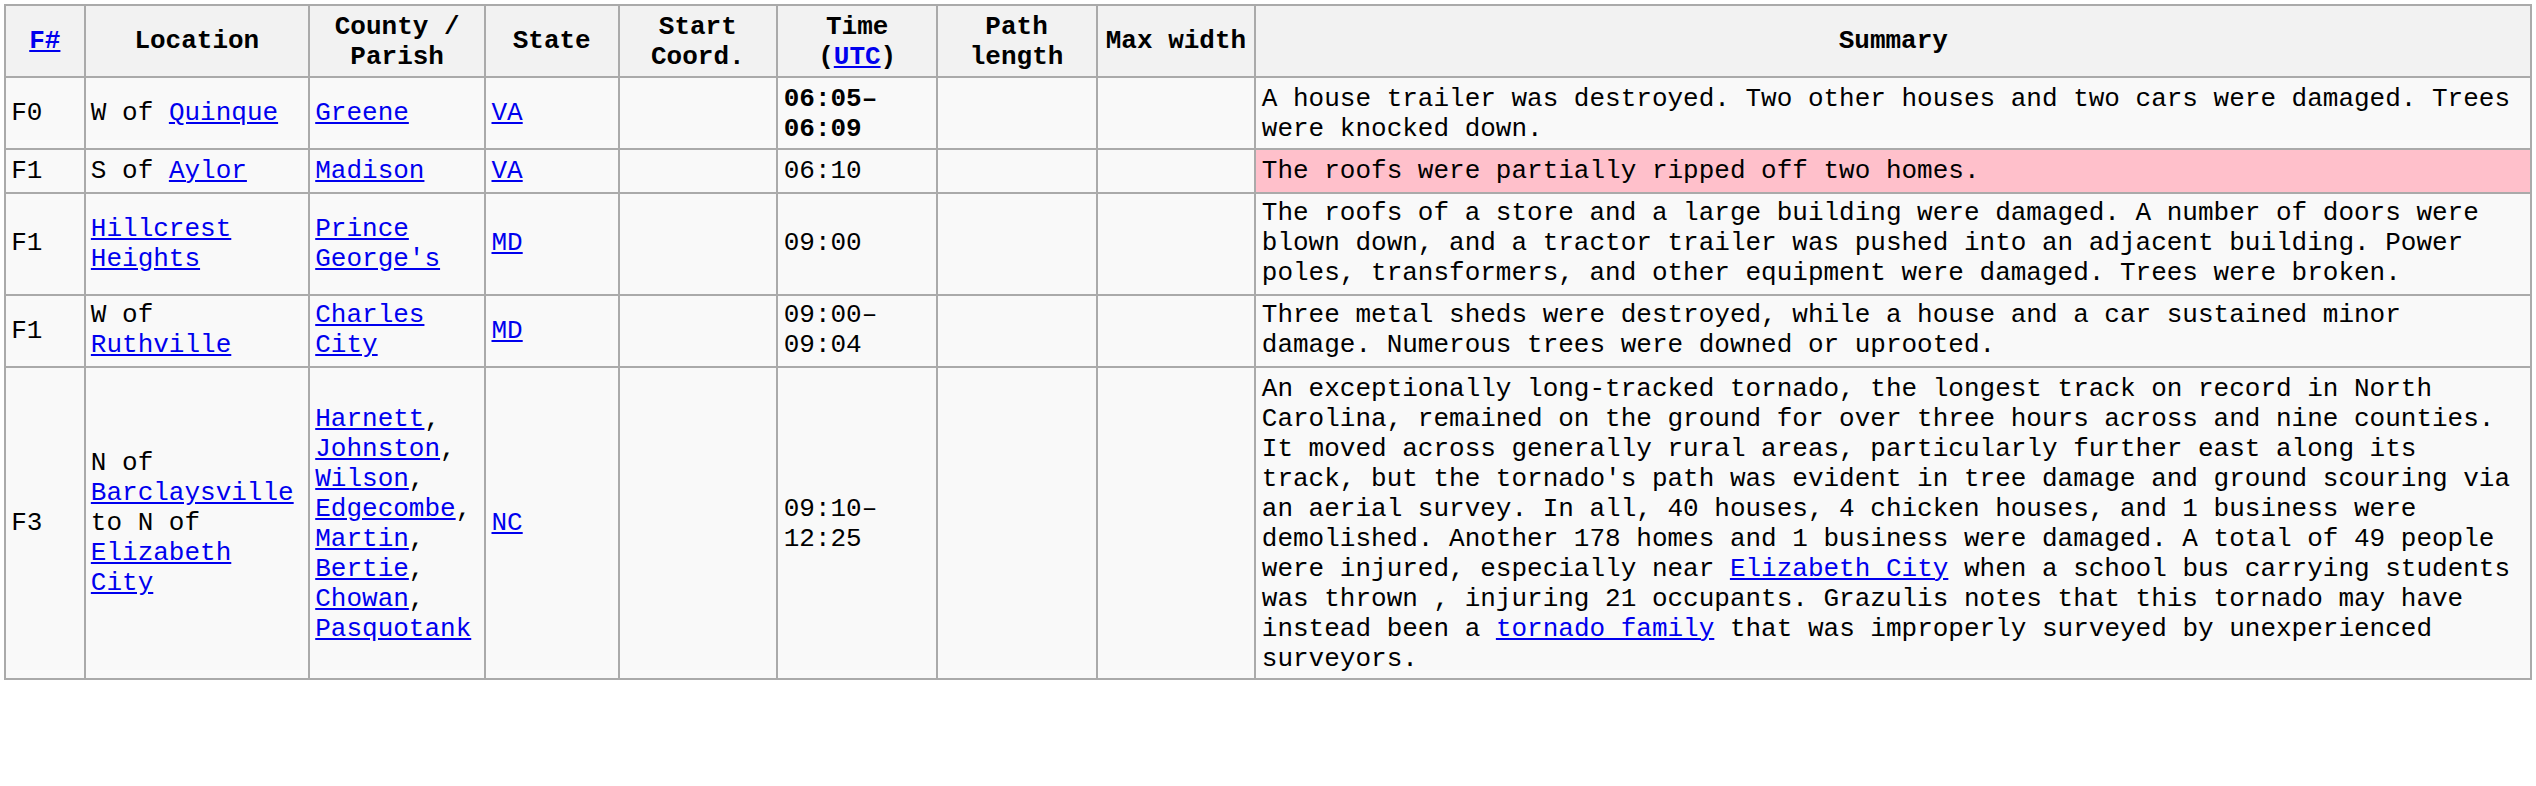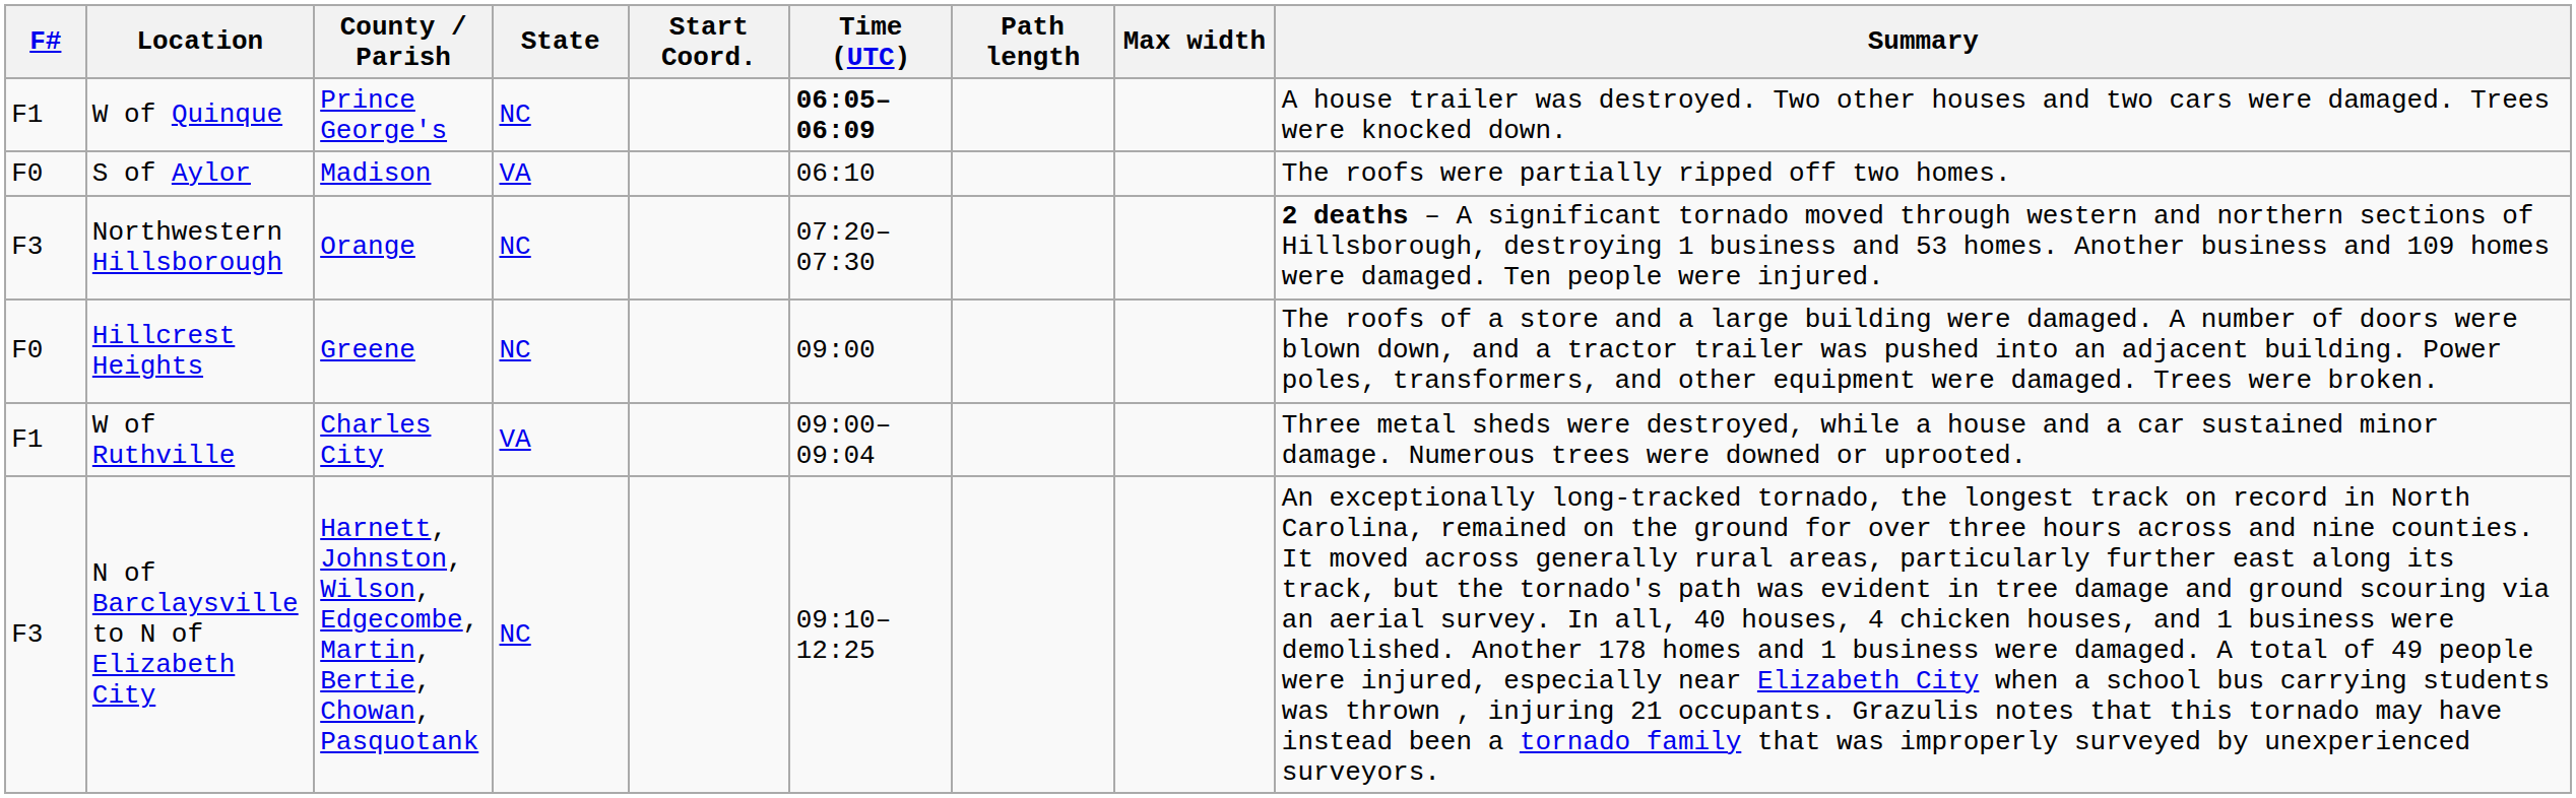 <table class="wikitable sortable" style="width:100%;">
 <tr>
 <th scope="col"  style="width:3%; text-align:center;"><a href='#'>F#</a></th>
 <th scope="col"  style="width:7%; text-align:center;" class="unsortable">Location</th>
 <th scope="col"  style="width:6%; text-align:center;" class="unsortable">County / Parish</th>
 <th scope="col"  style="width:5%; text-align:center;">State</th>
 <th scope="col"  style="width:6%; text-align:center;">Start Coord.</th>
 <th scope="col"  style="width:6%; text-align:center;">Time (<a href='#'>UTC</a>)</th>
 <th scope="col"  style="width:6%; text-align:center;">Path length</th>
 <th scope="col"  style="width:6%; text-align:center;">Max width</th>
 <th scope="col" class="unsortable" style="width:48%; text-align:center;">Summary</th>
 </tr>
 <tr>
-<td>F0</td>
+<td>F1</td>
 <td>W of <a href='#'>Quinque</a></td>
-<td><a href='#'>Greene</a></td>
-<td><a href='#'>VA</a></td>
+<td><a href='#'>Prince George's</a></td>
+<td><a href='#'>NC</a></td>
 <td></td>
 <td><strong>06:05–06:09</strong></td>
 <td></td>
 <td></td>
 <td>A house trailer was destroyed. Two other houses and two cars were damaged. Trees were knocked down.</td>
 </tr>
 <tr>
-<td>F1</td>
+<td>F0</td>
 <td>S of <a href='#'>Aylor</a></td>
 <td><a href='#'>Madison</a></td>
 <td><a href='#'>VA</a></td>
 <td></td>
 <td>06:10</td>
 <td></td>
 <td></td>
-<td style="background: pink;">The roofs were partially ripped off two homes.</td>
+<td>The roofs were partially ripped off two homes.</td>
 </tr>
 <tr>
-<td>F1</td>
+<td>F3</td>
+<td>Northwestern <a href='#'>Hillsborough</a></td>
+<td><a href='#'>Orange</a></td>
+<td><a href='#'>NC</a></td>
+<td></td>
+<td>07:20–07:30</td>
+<td></td>
+<td></td>
+<td><strong>2 deaths</strong> – A significant tornado moved through western and northern sections of Hillsborough, destroying 1 business and 53 homes. Another business and 109 homes were damaged. Ten people were injured.</td>
+</tr>
+<tr>
+<td>F0</td>
 <td><a href='#'>Hillcrest Heights</a></td>
-<td><a href='#'>Prince George's</a></td>
-<td><a href='#'>MD</a></td>
+<td><a href='#'>Greene</a></td>
+<td><a href='#'>NC</a></td>
 <td></td>
 <td>09:00</td>
 <td></td>
 <td></td>
 <td>The roofs of a store and a large building were damaged. A number of  doors were blown down, and a tractor trailer was pushed into an adjacent building. Power poles, transformers, and other equipment were damaged. Trees were broken.</td>
 </tr>
 <tr>
 <td>F1</td>
 <td>W of <a href='#'>Ruthville</a></td>
 <td><a href='#'>Charles City</a></td>
-<td><a href='#'>MD</a></td>
+<td><a href='#'>VA</a></td>
 <td></td>
 <td>09:00–09:04</td>
 <td></td>
 <td></td>
 <td>Three metal sheds were destroyed, while a house and a car sustained minor damage. Numerous trees were downed or uprooted.</td>
 </tr>
 <tr>
 <td>F3</td>
 <td>N of <a href='#'>Barclaysville</a> to N of <a href='#'>Elizabeth City</a></td>
 <td><a href='#'>Harnett</a>, <a href='#'>Johnston</a>, <a href='#'>Wilson</a>, <a href='#'>Edgecombe</a>, <a href='#'>Martin</a>, <a href='#'>Bertie</a>, <a href='#'>Chowan</a>, <a href='#'>Pasquotank</a></td>
 <td><a href='#'>NC</a></td>
 <td></td>
 <td>09:10–12:25</td>
 <td></td>
 <td></td>
 <td>An exceptionally long-tracked tornado, the longest track on record in North Carolina, remained on the ground for over three hours across  and nine counties. It moved across generally rural areas, particularly further east along its track, but the tornado's path was evident in tree damage and ground scouring via an aerial survey. In all, 40 houses, 4 chicken houses, and 1 business were demolished. Another 178 homes and 1 business were damaged. A total of 49 people were injured, especially near <a href='#'>Elizabeth City</a> when a  school bus carrying students was thrown , injuring 21 occupants. Grazulis notes that this tornado may have instead been a <a href='#'>tornado family</a> that was improperly surveyed by unexperienced surveyors.</td>
 </tr>
 <tr>
 </tr>
 </table>
